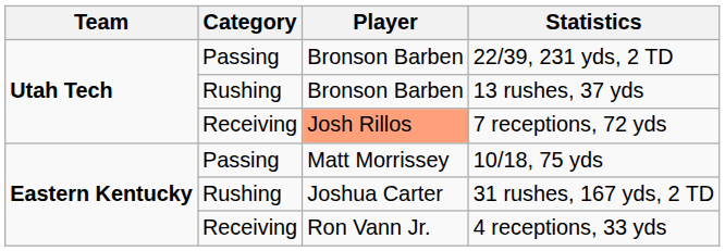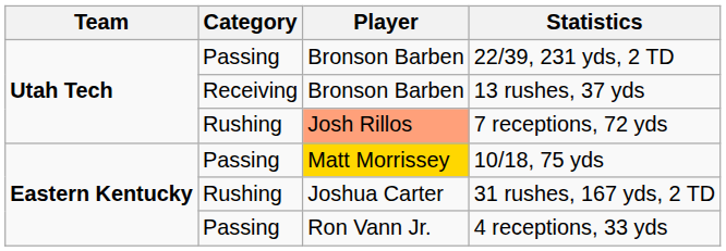 <table class="wikitable" style="float: right;">
 <tr>
 <th>Team</th>
 <th>Category</th>
 <th>Player</th>
 <th>Statistics</th>
 </tr>
 <tr>
 <td rowspan=3><strong>Utah Tech</strong></td>
 <td>Passing</td>
 <td>Bronson Barben</td>
 <td>22/39, 231 yds, 2 TD</td>
 </tr>
 <tr>
-<td>Rushing</td>
+<td>Receiving</td>
 <td>Bronson Barben</td>
 <td>13 rushes, 37 yds</td>
 </tr>
 <tr>
-<td>Receiving</td>
+<td>Rushing</td>
 <td style="background: lightsalmon;">Josh Rillos</td>
 <td>7 receptions, 72 yds</td>
 </tr>
 <tr>
 <td rowspan=3><strong>Eastern Kentucky</strong></td>
 <td>Passing</td>
-<td>Matt Morrissey</td>
+<td style="background: gold;">Matt Morrissey</td>
 <td>10/18, 75 yds</td>
 </tr>
 <tr>
 <td>Rushing</td>
 <td>Joshua Carter</td>
 <td>31 rushes, 167 yds, 2 TD</td>
 </tr>
 <tr>
-<td>Receiving</td>
+<td>Passing</td>
 <td>Ron Vann Jr.</td>
 <td>4 receptions, 33 yds</td>
 </tr>
 </table>
